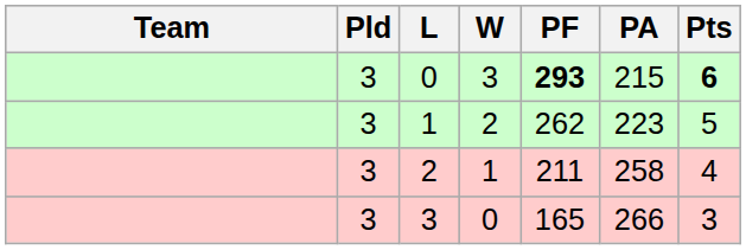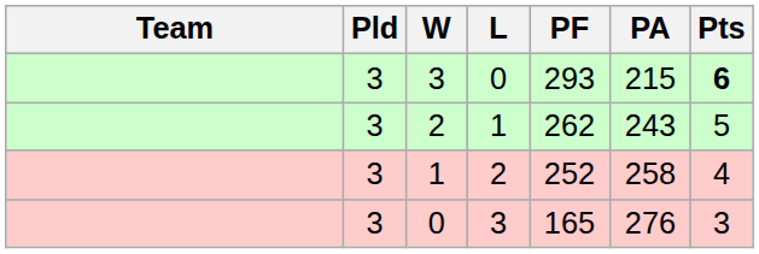 <table class="wikitable" style="text-align:center;">
 <tr>
 <th width=170>Team</th>
 <th width=25>Pld</th>
+<th width=25>W</th>
 <th width=25>L</th>
-<th width=25>W</th>
 <th width=35>PF</th>
 <th width=35>PA</th>
 <th width=25>Pts</th>
 </tr>
 <tr bgcolor=#ccffcc>
 <td align="left"></td>
 <td>3</td>
+<td>3</td>
 <td>0</td>
-<td>3</td>
-<td><strong>293</strong></td>
+<td>293</td>
 <td>215</td>
 <td><strong>6</strong></td>
 </tr>
 <tr bgcolor=#ccffcc>
 <td align="left"></td>
 <td>3</td>
+<td>2</td>
 <td>1</td>
-<td>2</td>
 <td>262</td>
-<td>223</td>
+<td>243</td>
 <td>5</td>
 </tr>
 <tr bgcolor=#ffcccc>
 <td align="left"></td>
 <td>3</td>
+<td>1</td>
 <td>2</td>
-<td>1</td>
-<td>211</td>
+<td>252</td>
 <td>258</td>
 <td>4</td>
 </tr>
 <tr bgcolor=#ffcccc>
 <td align="left"></td>
 <td>3</td>
+<td>0</td>
 <td>3</td>
-<td>0</td>
 <td>165</td>
-<td>266</td>
+<td>276</td>
 <td>3</td>
 </tr>
 </table>
